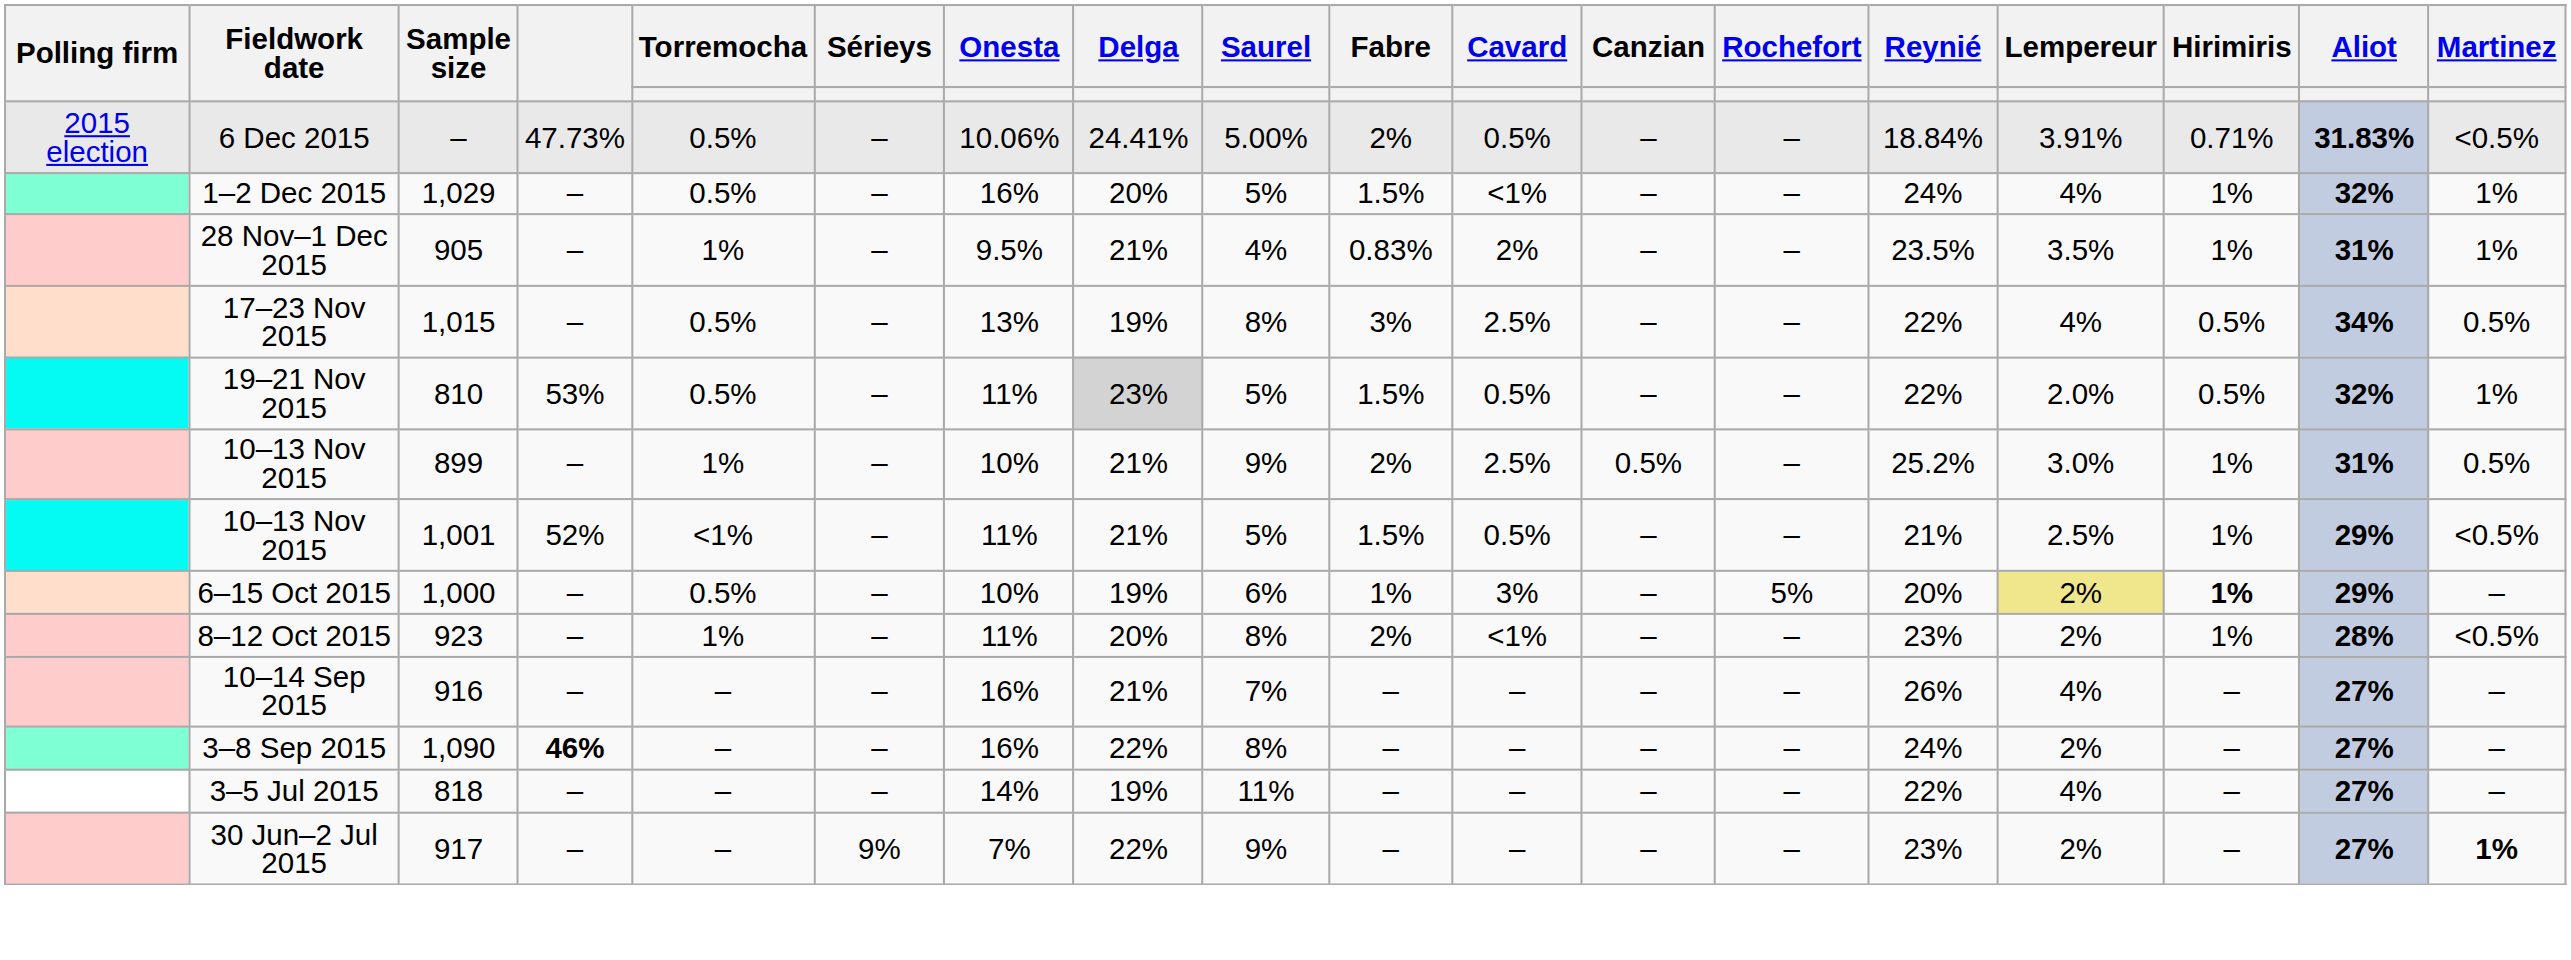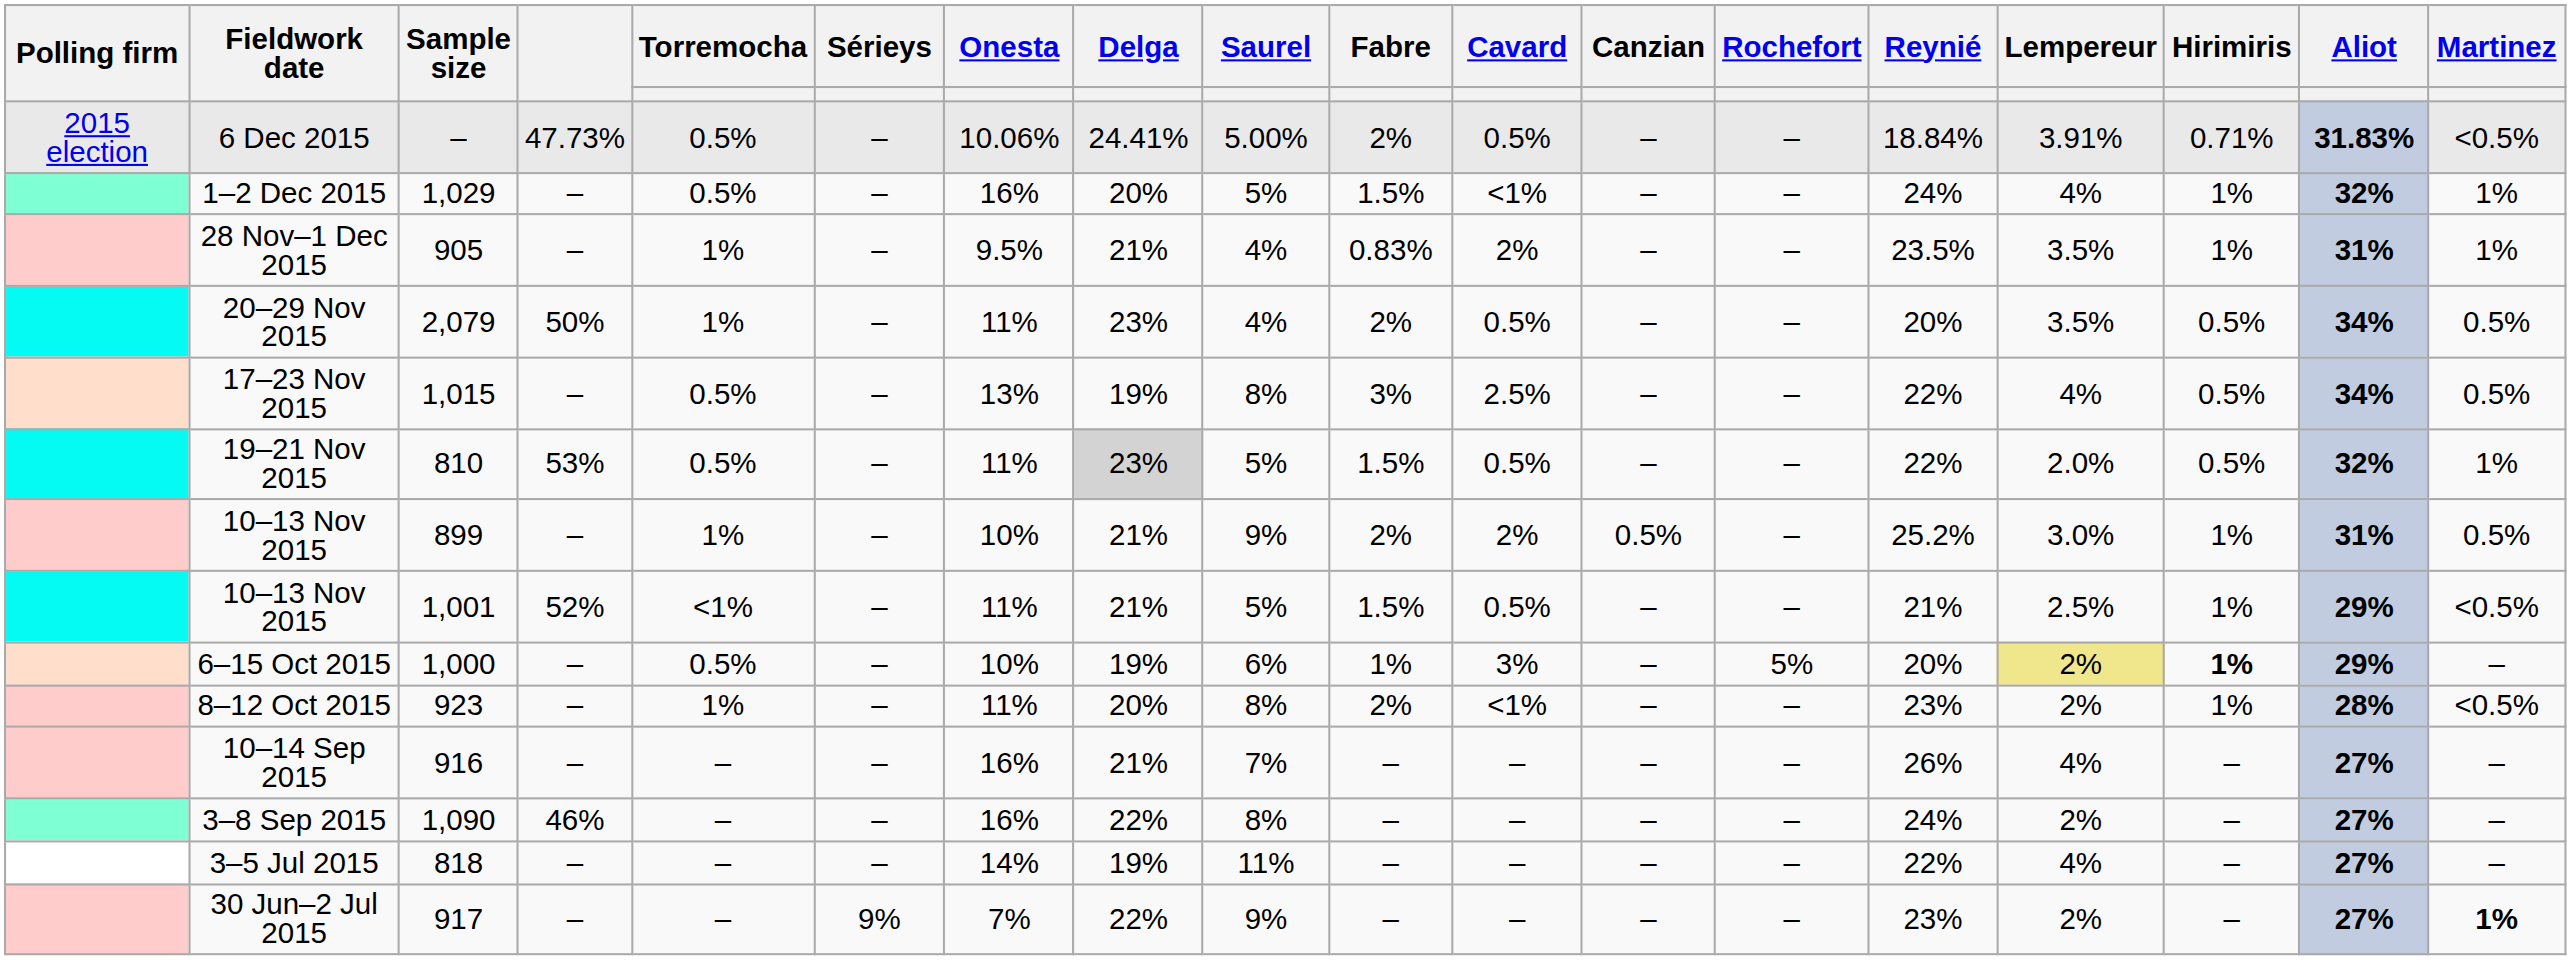 <table class="wikitable sortable" style="text-align:center;font-size:90%;line-height:14px;">
 <tr style="height:40px;">
 <th style="width:100px;" rowspan="2">Polling firm</th>
 <th style="width:110px;" rowspan="2">Fieldwork date</th>
 <th style="width:35px;" rowspan="2">Sample<br>size</th>
 <th style="width:30px;" rowspan="2"></th>
 <th class="unsortable" style="width:60px;">Torremocha<br></th>
 <th class="unsortable" style="width:60px;">Sérieys<br></th>
 <th class="unsortable" style="width:60px;"><a href='#'>Onesta</a><br></th>
 <th class="unsortable" style="width:60px;"><a href='#'>Delga</a><br></th>
 <th class="unsortable" style="width:60px;"><a href='#'>Saurel</a><br></th>
 <th class="unsortable" style="width:60px;">Fabre<br></th>
 <th class="unsortable" style="width:60px;"><a href='#'>Cavard</a><br></th>
 <th class="unsortable" style="width:60px;">Canzian<br></th>
 <th class="unsortable" style="width:60px;"><a href='#'>Rochefort</a><br></th>
 <th class="unsortable" style="width:60px;"><a href='#'>Reynié</a><br></th>
 <th class="unsortable" style="width:60px;">Lempereur<br></th>
 <th class="unsortable" style="width:60px;">Hirimiris<br></th>
 <th class="unsortable" style="width:60px;"><a href='#'>Aliot</a><br></th>
 <th class="unsortable" style="width:60px;"><a href='#'>Martinez</a><br></th>
 </tr>
 <tr>
 <th style="background:"></th>
 <th style="background:"></th>
 <th style="background:"></th>
 <th style="background:"></th>
 <th style="background:"></th>
 <th style="background:"></th>
 <th style="background:"></th>
 <th style="background:"></th>
 <th style="background:"></th>
 <th style="background:"></th>
 <th style="background:"></th>
 <th style="background:"></th>
 <th style="background:"></th>
 <th style="background:"></th>
 </tr>
 <tr style="background:#E9E9E9;">
 <td><a href='#'>2015 election</a></td>
 <td data-sort-value="2015-12-06">6 Dec 2015</td>
 <td>–</td>
 <td>47.73%</td>
 <td>0.5%</td>
 <td>–</td>
 <td>10.06%</td>
 <td>24.41%</td>
 <td>5.00%</td>
 <td>2%</td>
 <td>0.5%</td>
 <td>–</td>
 <td>–</td>
 <td>18.84%</td>
 <td>3.91%</td>
 <td>0.71%</td>
 <td style="background:#C1CCE1;"><strong>31.83%</strong></td>
 <td data-sort-value="0%"><0.5%</td>
 </tr>
 <tr>
 <td style="background:aquamarine;"></td>
 <td data-sort-value="2015-12-02">1–2 Dec 2015</td>
 <td>1,029</td>
 <td>–</td>
 <td>0.5%</td>
 <td>–</td>
 <td>16%</td>
 <td>20%</td>
 <td>5%</td>
 <td>1.5%</td>
 <td data-sort-value="0%"><1%</td>
 <td>–</td>
 <td>–</td>
 <td>24%</td>
 <td>4%</td>
 <td>1%</td>
 <td style="background:#C1CCE1;"><strong>32%</strong></td>
 <td>1%</td>
 </tr>
 <tr>
 <td style="background:#FFCCCC;"></td>
 <td data-sort-value="2015-12-01">28 Nov–1 Dec 2015</td>
 <td>905</td>
 <td>–</td>
 <td>1%</td>
 <td>–</td>
 <td>9.5%</td>
 <td>21%</td>
 <td>4%</td>
 <td>0.83%</td>
 <td>2%</td>
 <td>–</td>
 <td>–</td>
 <td>23.5%</td>
 <td>3.5%</td>
 <td>1%</td>
 <td style="background:#C1CCE1;"><strong>31%</strong></td>
 <td>1%</td>
 </tr>
 <tr>
+<td style="background:#04FBF4;"></td>
+<td data-sort-value="2015-11-29">20–29 Nov 2015</td>
+<td>2,079</td>
+<td>50%</td>
+<td>1%</td>
+<td>–</td>
+<td>11%</td>
+<td>23%</td>
+<td>4%</td>
+<td>2%</td>
+<td>0.5%</td>
+<td>–</td>
+<td>–</td>
+<td>20%</td>
+<td>3.5%</td>
+<td>0.5%</td>
+<td style="background:#C1CCE1;"><strong>34%</strong></td>
+<td>0.5%</td>
+</tr>
+<tr>
 <td style="background:#FFDFCC;"></td>
 <td data-sort-value="2015-11-23">17–23 Nov 2015</td>
 <td>1,015</td>
 <td>–</td>
 <td>0.5%</td>
 <td>–</td>
 <td>13%</td>
 <td>19%</td>
 <td>8%</td>
 <td>3%</td>
 <td>2.5%</td>
 <td>–</td>
 <td>–</td>
 <td>22%</td>
 <td>4%</td>
 <td>0.5%</td>
 <td style="background:#C1CCE1;"><strong>34%</strong></td>
 <td>0.5%</td>
 </tr>
 <tr>
 <td style="background:#04FBF4;"></td>
 <td data-sort-value="2015-11-21">19–21 Nov 2015</td>
 <td>810</td>
 <td>53%</td>
 <td>0.5%</td>
 <td>–</td>
 <td>11%</td>
 <td style="background: lightgrey;">23%</td>
 <td>5%</td>
 <td>1.5%</td>
 <td>0.5%</td>
 <td>–</td>
 <td>–</td>
 <td>22%</td>
 <td>2.0%</td>
 <td>0.5%</td>
 <td style="background:#C1CCE1;"><strong>32%</strong></td>
 <td>1%</td>
 </tr>
 <tr>
 <td style="background:#FFCCCC;"></td>
 <td data-sort-value="2015-11-13">10–13 Nov 2015</td>
 <td>899</td>
 <td>–</td>
 <td>1%</td>
 <td>–</td>
 <td>10%</td>
 <td>21%</td>
 <td>9%</td>
 <td>2%</td>
-<td>2.5%</td>
+<td>2%</td>
 <td>0.5%</td>
 <td>–</td>
 <td>25.2%</td>
 <td>3.0%</td>
 <td>1%</td>
 <td style="background:#C1CCE1;"><strong>31%</strong></td>
 <td>0.5%</td>
 </tr>
 <tr>
 <td style="background:#04FBF4;"></td>
 <td data-sort-value="2015-11-13">10–13 Nov 2015</td>
 <td>1,001</td>
 <td>52%</td>
 <td data-sort-value="0%"><1%</td>
 <td>–</td>
 <td>11%</td>
 <td>21%</td>
 <td>5%</td>
 <td>1.5%</td>
 <td>0.5%</td>
 <td>–</td>
 <td>–</td>
 <td>21%</td>
 <td>2.5%</td>
 <td>1%</td>
 <td style="background:#C1CCE1;"><strong>29%</strong></td>
 <td data-sort-value="0%"><0.5%</td>
 </tr>
 <tr>
 <td style="background:#FFDFCC;"></td>
 <td data-sort-value="2015-10-15">6–15 Oct 2015</td>
 <td>1,000</td>
 <td>–</td>
 <td>0.5%</td>
 <td>–</td>
 <td>10%</td>
 <td>19%</td>
 <td>6%</td>
 <td>1%</td>
 <td>3%</td>
 <td>–</td>
 <td>5%</td>
 <td>20%</td>
 <td style="background: khaki;">2%</td>
 <td><strong>1%</strong></td>
 <td style="background:#C1CCE1;"><strong>29%</strong></td>
 <td>–</td>
 </tr>
 <tr>
 <td style="background:#FFCCCC;"></td>
 <td data-sort-value="2015-10-12">8–12 Oct 2015</td>
 <td>923</td>
 <td>–</td>
 <td>1%</td>
 <td>–</td>
 <td>11%</td>
 <td>20%</td>
 <td>8%</td>
 <td>2%</td>
 <td data-sort-value="0%"><1%</td>
 <td>–</td>
 <td>–</td>
 <td>23%</td>
 <td>2%</td>
 <td>1%</td>
 <td style="background:#C1CCE1;"><strong>28%</strong></td>
 <td data-sort-value="0%"><0.5%</td>
 </tr>
 <tr>
 <td style="background:#FFCCCC;"></td>
 <td data-sort-value="2015-09-14">10–14 Sep 2015</td>
 <td>916</td>
 <td>–</td>
 <td>–</td>
 <td>–</td>
 <td>16%</td>
 <td>21%</td>
 <td>7%</td>
 <td>–</td>
 <td>–</td>
 <td>–</td>
 <td>–</td>
 <td>26%</td>
 <td>4%</td>
 <td>–</td>
 <td style="background:#C1CCE1;"><strong>27%</strong></td>
 <td>–</td>
 </tr>
 <tr>
 <td style="background:aquamarine;"></td>
 <td data-sort-value="2015-09-08">3–8 Sep 2015</td>
 <td>1,090</td>
-<td><strong>46%</strong></td>
+<td>46%</td>
 <td>–</td>
 <td>–</td>
 <td>16%</td>
 <td>22%</td>
 <td>8%</td>
 <td>–</td>
 <td>–</td>
 <td>–</td>
 <td>–</td>
 <td>24%</td>
 <td>2%</td>
 <td>–</td>
 <td style="background:#C1CCE1;"><strong>27%</strong></td>
 <td>–</td>
 </tr>
 <tr>
 <td style="background:#FFFFFF;"></td>
 <td data-sort-value="2015-07-05">3–5 Jul 2015</td>
 <td>818</td>
 <td>–</td>
 <td>–</td>
 <td>–</td>
 <td>14%</td>
 <td>19%</td>
 <td>11%</td>
 <td>–</td>
 <td>–</td>
 <td>–</td>
 <td>–</td>
 <td>22%</td>
 <td>4%</td>
 <td>–</td>
 <td style="background:#C1CCE1;"><strong>27%</strong></td>
 <td>–</td>
 </tr>
 <tr>
 <td style="background:#FFCCCC;"></td>
 <td data-sort-value="2015-07-02">30 Jun–2 Jul 2015</td>
 <td>917</td>
 <td>–</td>
 <td>–</td>
 <td>9%</td>
 <td>7%</td>
 <td>22%</td>
 <td>9%</td>
 <td>–</td>
 <td>–</td>
 <td>–</td>
 <td>–</td>
 <td>23%</td>
 <td>2%</td>
 <td>–</td>
 <td style="background:#C1CCE1;"><strong>27%</strong></td>
 <td><strong>1%</strong></td>
 </tr>
 </table>
